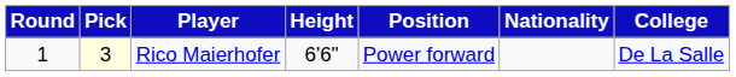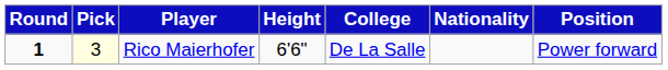 <table class="wikitable sortable sortable">
 <tr>
 <th style="background:#0D0DBF; color:#FFFFFF; ">Round</th>
 <th style="background:#0D0DBF; color:#FFFFFF; ">Pick</th>
 <th style="background:#0D0DBF; color:#FFFFFF; ">Player</th>
 <th style="background:#0D0DBF; color:#FFFFFF; ">Height</th>
+<th style="background:#0D0DBF; color:#FFFFFF; ">College</th>
+<th style="background:#0D0DBF; color:#FFFFFF; ">Nationality</th>
 <th style="background:#0D0DBF; color:#FFFFFF; ">Position</th>
-<th style="background:#0D0DBF; color:#FFFFFF; ">Nationality</th>
-<th style="background:#0D0DBF; color:#FFFFFF; ">College</th>
 </tr>
 <tr style="text-align: center">
-<td>1</td>
+<td><strong>1</strong></td>
 <td style="background: lightyellow;">3</td>
 <td><a href='#'>Rico Maierhofer</a></td>
 <td>6'6"</td>
+<td><a href='#'>De La Salle</a></td>
+<td></td>
 <td><a href='#'>Power forward</a></td>
-<td></td>
-<td><a href='#'>De La Salle</a></td>
 </tr>
 </table>
